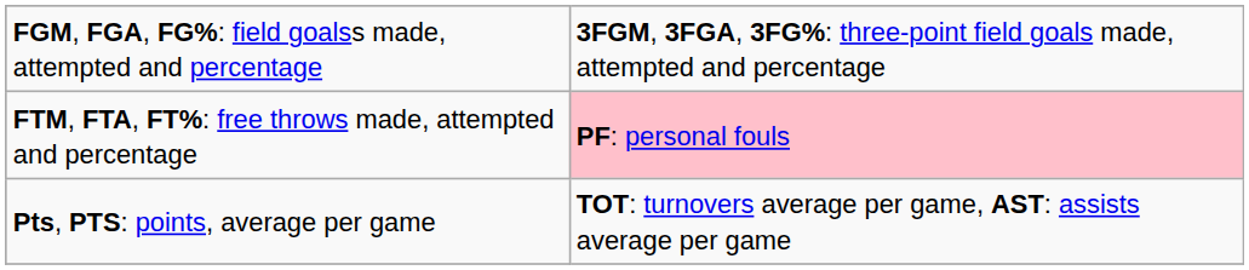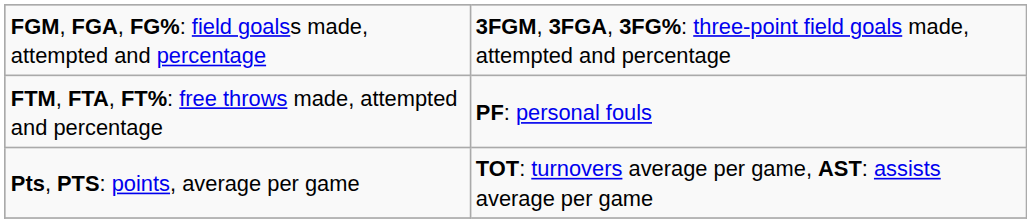 <table class="wikitable" style="margin:1em auto;">
 <tr>
 <td><small><strong>FGM</strong>, <strong>FGA</strong>, <strong>FG%</strong>: <a href='#'>field goals</a>s made, attempted and <a href='#'>percentage</a></small></td>
 <td><small><strong>3FGM</strong>, <strong>3FGA</strong>, <strong>3FG%</strong>: <a href='#'>three-point field goals</a> made, attempted and percentage</small></td>
 </tr>
 <tr>
 <td><small><strong>FTM</strong>, <strong>FTA</strong>, <strong>FT%</strong>: <a href='#'>free throws</a> made, attempted and percentage</small></td>
-<td style="background: pink;"><small><strong>PF</strong>: <a href='#'>personal fouls</a></small></td>
+<td><small><strong>PF</strong>: <a href='#'>personal fouls</a></small></td>
 </tr>
 <tr>
 <td><small><strong>Pts</strong>, <strong>PTS</strong>: <a href='#'>points</a>, average per game</small></td>
 <td><small><strong>TOT</strong>: <a href='#'>turnovers</a> average per game, <strong>AST</strong>: <a href='#'>assists</a> average per game</small></td>
 </tr>
 </table>
